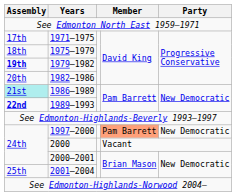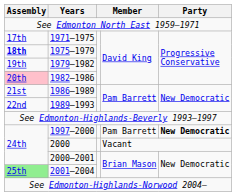 <table class="wikitable" align=right>
 <tr>
 <th>Assembly</th>
 <th>Years</th>
 <th colspan="2">Member</th>
 <th>Party</th>
 </tr>
 <tr>
 <td align="center" colspan=5><em>See <a href='#'>Edmonton North East</a> 1959–1971</em></td>
 </tr>
 <tr>
 <td><a href='#'>17th</a></td>
 <td><a href='#'>1971</a>–1975</td>
 <td rowspan=4 ></td>
 <td rowspan=4><a href='#'>David King</a></td>
 <td rowspan=4><a href='#'>Progressive<br>Conservative</a></td>
 </tr>
 <tr>
-<td><a href='#'>18th</a></td>
+<td><strong><a href='#'>18th</a></strong></td>
 <td><a href='#'>1975</a>–1979</td>
 </tr>
 <tr>
-<td><strong><a href='#'>19th</a></strong></td>
+<td><a href='#'>19th</a></td>
 <td><a href='#'>1979</a>–1982</td>
 </tr>
 <tr>
-<td><a href='#'>20th</a></td>
+<td style="background: pink;"><a href='#'>20th</a></td>
 <td><a href='#'>1982</a>–1986</td>
 </tr>
 <tr>
-<td style="background: paleturquoise;"><a href='#'>21st</a></td>
+<td><a href='#'>21st</a></td>
 <td><a href='#'>1986</a>–1989</td>
 <td rowspan=2 ></td>
 <td rowspan=2><a href='#'>Pam Barrett</a></td>
 <td rowspan=2><a href='#'>New Democratic</a></td>
 </tr>
 <tr>
-<td><strong><a href='#'>22nd</a></strong></td>
+<td><a href='#'>22nd</a></td>
 <td><a href='#'>1989</a>–1993</td>
 </tr>
 <tr>
 <td align="center" colspan=5><em>See <a href='#'>Edmonton-Highlands-Beverly</a> 1993–1997</em></td>
 </tr>
 <tr>
 <td rowspan=3><a href='#'>24th</a></td>
 <td><a href='#'>1997</a>–2000</td>
 <td></td>
-<td style="background: lightsalmon;">Pam Barrett</td>
-<td>New Democratic</td>
+<td>Pam Barrett</td>
+<td><strong>New Democratic</strong></td>
 </tr>
 <tr>
 <td>2000</td>
 <td></td>
 <td colspan=2>Vacant</td>
 </tr>
 <tr>
 <td>2000–2001</td>
 <td rowspan=2 ></td>
 <td rowspan=2><a href='#'>Brian Mason</a></td>
 <td rowspan=2>New Democratic</td>
 </tr>
 <tr>
-<td><a href='#'>25th</a></td>
+<td style="background: lightgreen;"><a href='#'>25th</a></td>
 <td><a href='#'>2001</a>–2004</td>
 </tr>
 <tr>
 <td align="center" colspan=5><em>See <a href='#'>Edmonton-Highlands-Norwood</a> 2004–</em></td>
 </tr>
 </table>
